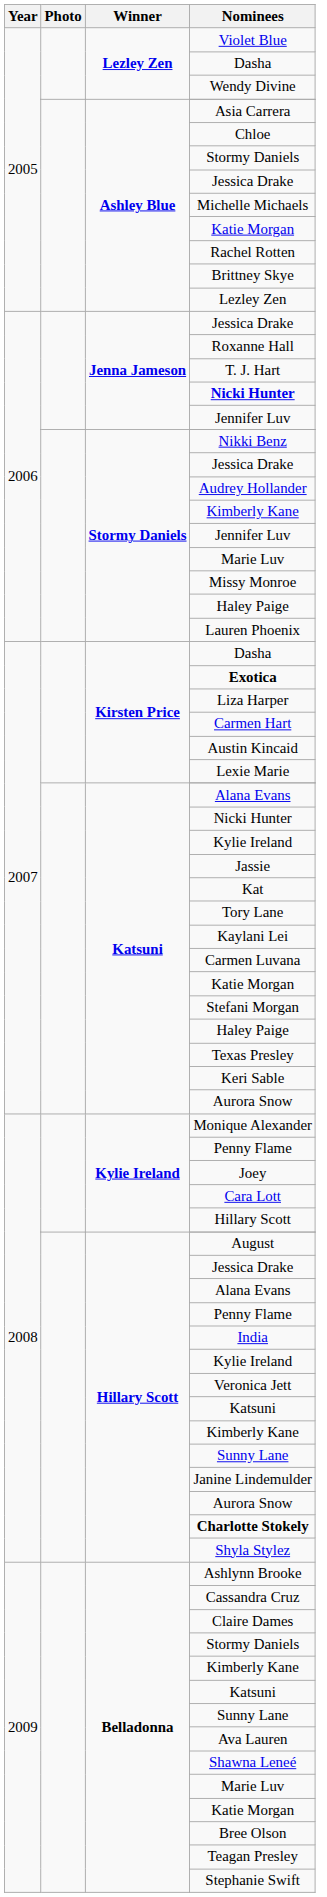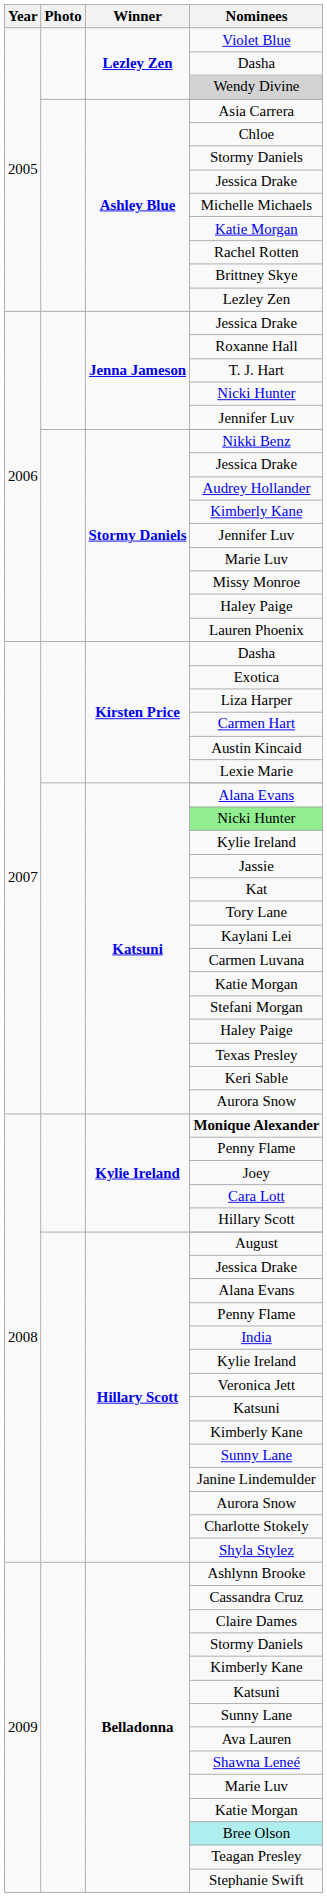 <table class=wikitable>
 <tr>
 <th>Year</th>
 <th>Photo</th>
 <th>Winner<br></th>
 <th>Nominees<br></th>
 </tr>
 <tr>
 <td rowspan=13>2005</td>
 <td rowspan=3 align=center></td>
 <td rowspan=3 align=center><strong><a href='#'>Lezley Zen</a></strong> <br></td>
 <td align=center><a href='#'>Violet Blue</a><br></td>
 </tr>
 <tr>
 <td align=center>Dasha<br></td>
 </tr>
 <tr>
-<td align=center>Wendy Divine<br></td>
+<td align=center style="background: lightgrey;">Wendy Divine<br></td>
 </tr>
 <tr>
 <td rowspan=10 align=center></td>
 <td rowspan=10 align=center><strong><a href='#'>Ashley Blue</a></strong> <br></td>
 </tr>
 <tr>
 <td align=center>Asia Carrera<br></td>
 </tr>
 <tr>
 <td align=center>Chloe<br></td>
 </tr>
 <tr>
 <td align=center>Stormy Daniels<br></td>
 </tr>
 <tr>
 <td align=center>Jessica Drake<br></td>
 </tr>
 <tr>
 <td align=center>Michelle Michaels<br></td>
 </tr>
 <tr>
 <td align=center><a href='#'>Katie Morgan</a><br></td>
 </tr>
 <tr>
 <td align=center>Rachel Rotten<br></td>
 </tr>
 <tr>
 <td align=center>Brittney Skye<br></td>
 </tr>
 <tr>
 <td align=center>Lezley Zen<br></td>
 </tr>
 <tr>
 <td rowspan=15>2006</td>
 <td rowspan=5 align=center></td>
 <td rowspan=5 align=center><strong><a href='#'>Jenna Jameson</a></strong> <br></td>
 <td align=center>Jessica Drake<br></td>
 </tr>
 <tr>
 <td align=center>Roxanne Hall<br></td>
 </tr>
 <tr>
 <td align=center>T. J. Hart<br></td>
 </tr>
 <tr>
-<td align=center><strong><a href='#'>Nicki Hunter</a><br></strong></td>
+<td align=center><a href='#'>Nicki Hunter</a><br></td>
 </tr>
 <tr>
 <td align=center>Jennifer Luv<br></td>
 </tr>
 <tr>
 <td rowspan=10 align=center></td>
 <td rowspan=10 align=center><strong><a href='#'>Stormy Daniels</a></strong> <br></td>
 </tr>
 <tr>
 <td align=center><a href='#'>Nikki Benz</a><br></td>
 </tr>
 <tr>
 <td align=center>Jessica Drake<br></td>
 </tr>
 <tr>
 <td align=center><a href='#'>Audrey Hollander</a><br></td>
 </tr>
 <tr>
 <td align=center><a href='#'>Kimberly Kane</a><br></td>
 </tr>
 <tr>
 <td align=center>Jennifer Luv<br></td>
 </tr>
 <tr>
 <td align=center>Marie Luv<br></td>
 </tr>
 <tr>
 <td align=center>Missy Monroe<br></td>
 </tr>
 <tr>
 <td align=center>Haley Paige<br></td>
 </tr>
 <tr>
 <td align=center>Lauren Phoenix<br></td>
 </tr>
 <tr>
 <td rowspan=21>2007</td>
 <td rowspan=6 align=center></td>
 <td rowspan=6 align=center><strong><a href='#'>Kirsten Price</a></strong> <br></td>
 <td align=center>Dasha<br></td>
 </tr>
 <tr>
-<td align=center><strong>Exotica<br></strong></td>
+<td align=center>Exotica<br></td>
 </tr>
 <tr>
 <td align=center>Liza Harper<br></td>
 </tr>
 <tr>
 <td align=center><a href='#'>Carmen Hart</a><br></td>
 </tr>
 <tr>
 <td align=center>Austin Kincaid<br></td>
 </tr>
 <tr>
 <td align=center>Lexie Marie<br></td>
 </tr>
 <tr>
 <td rowspan=15 align=center></td>
 <td rowspan=15 align=center><strong><a href='#'>Katsuni</a></strong> <br></td>
 </tr>
 <tr>
 <td align=center><a href='#'>Alana Evans</a><br></td>
 </tr>
 <tr>
-<td align=center>Nicki Hunter<br></td>
+<td align=center style="background: lightgreen;">Nicki Hunter<br></td>
 </tr>
 <tr>
 <td align=center>Kylie Ireland<br></td>
 </tr>
 <tr>
 <td align=center>Jassie<br></td>
 </tr>
 <tr>
 <td align=center>Kat<br></td>
 </tr>
 <tr>
 <td align=center>Tory Lane<br></td>
 </tr>
 <tr>
 <td align=center>Kaylani Lei<br></td>
 </tr>
 <tr>
 <td align=center>Carmen Luvana<br></td>
 </tr>
 <tr>
 <td align=center>Katie Morgan<br></td>
 </tr>
 <tr>
 <td align=center>Stefani Morgan<br></td>
 </tr>
 <tr>
 <td align=center>Haley Paige<br></td>
 </tr>
 <tr>
 <td align=center>Texas Presley<br></td>
 </tr>
 <tr>
 <td align=center>Keri Sable<br></td>
 </tr>
 <tr>
 <td align=center>Aurora Snow<br></td>
 </tr>
 <tr>
 <td rowspan=20>2008</td>
 <td rowspan=5 align=center></td>
 <td rowspan=5 align=center><strong><a href='#'>Kylie Ireland</a></strong> <br></td>
-<td align=center>Monique Alexander<br></td>
+<td align=center><strong>Monique Alexander<br></strong></td>
 </tr>
 <tr>
 <td align=center>Penny Flame<br></td>
 </tr>
 <tr>
 <td align=center>Joey<br></td>
 </tr>
 <tr>
 <td align=center><a href='#'>Cara Lott</a><br></td>
 </tr>
 <tr>
 <td align=center>Hillary Scott<br></td>
 </tr>
 <tr>
 <td rowspan=15 align=center></td>
 <td rowspan=15 align=center><strong><a href='#'>Hillary Scott</a></strong> <br></td>
 </tr>
 <tr>
 <td align=center>August<br></td>
 </tr>
 <tr>
 <td align=center>Jessica Drake<br></td>
 </tr>
 <tr>
 <td align=center>Alana Evans<br></td>
 </tr>
 <tr>
 <td align=center>Penny Flame<br></td>
 </tr>
 <tr>
 <td align=center><a href='#'>India</a><br></td>
 </tr>
 <tr>
 <td align=center>Kylie Ireland<br></td>
 </tr>
 <tr>
 <td align=center>Veronica Jett<br></td>
 </tr>
 <tr>
 <td align=center>Katsuni<br></td>
 </tr>
 <tr>
 <td align=center>Kimberly Kane<br></td>
 </tr>
 <tr>
 <td align=center><a href='#'>Sunny Lane</a><br></td>
 </tr>
 <tr>
 <td align=center>Janine Lindemulder<br></td>
 </tr>
 <tr>
 <td align=center>Aurora Snow<br></td>
 </tr>
 <tr>
-<td align=center><strong>Charlotte Stokely<br></strong></td>
+<td align=center>Charlotte Stokely<br></td>
 </tr>
 <tr>
 <td align=center><a href='#'>Shyla Stylez</a><br></td>
 </tr>
 <tr>
 <td rowspan=19>2009</td>
 <td rowspan=14 align=center></td>
 <td rowspan=14 align=center><strong>Belladonna</strong><br></td>
 <td align=center>Ashlynn Brooke<br></td>
 </tr>
 <tr>
 <td align=center>Cassandra Cruz<br></td>
 </tr>
 <tr>
 <td align=center>Claire Dames<br></td>
 </tr>
 <tr>
 <td align=center>Stormy Daniels<br></td>
 </tr>
 <tr>
 <td align=center>Kimberly Kane<br></td>
 </tr>
 <tr>
 <td align=center>Katsuni<br></td>
 </tr>
 <tr>
 <td align=center>Sunny Lane<br></td>
 </tr>
 <tr>
 <td align=center>Ava Lauren<br></td>
 </tr>
 <tr>
 <td align=center><a href='#'>Shawna Leneé</a><br></td>
 </tr>
 <tr>
 <td align=center>Marie Luv<br></td>
 </tr>
 <tr>
 <td align=center>Katie Morgan<br></td>
 </tr>
 <tr>
-<td align=center>Bree Olson<br></td>
+<td align=center style="background: paleturquoise;">Bree Olson<br></td>
 </tr>
 <tr>
 <td align=center>Teagan Presley<br></td>
 </tr>
 <tr>
 <td align=center>Stephanie Swift<br></td>
 </tr>
 </table>
